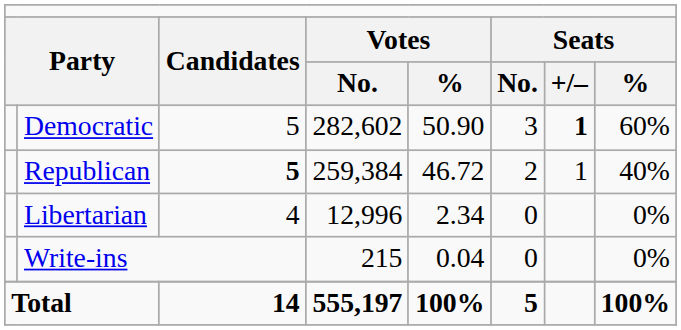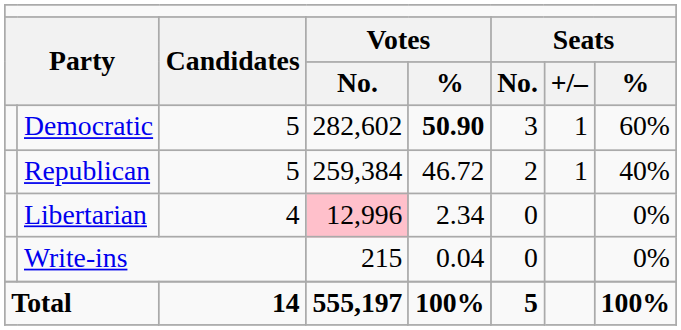 <table class="wikitable" style="font-size:100%; text-align:right;">
 <tr>
 <td colspan=15 align=center></td>
 </tr>
 <tr>
 <th colspan="2" rowspan="2">Party</th>
 <th rowspan="2">Candidates</th>
 <th colspan="2">Votes</th>
 <th colspan="3">Seats</th>
 </tr>
 <tr>
 <th>No.</th>
 <th>%</th>
 <th>No.</th>
 <th>+/–</th>
 <th>%</th>
 </tr>
 <tr>
 <td style="background:"></td>
 <td align="left"><a href='#'>Democratic</a></td>
 <td>5</td>
 <td>282,602</td>
-<td>50.90</td>
+<td><strong>50.90</strong></td>
 <td>3</td>
-<td><strong> 1</strong></td>
+<td> 1</td>
 <td>60%</td>
 </tr>
 <tr>
 <td style="background:"></td>
 <td align="left"><a href='#'>Republican</a></td>
-<td><strong>5</strong></td>
+<td>5</td>
 <td>259,384</td>
 <td>46.72</td>
 <td>2</td>
 <td> 1</td>
 <td>40%</td>
 </tr>
 <tr>
 <td style="background:"></td>
 <td align="left"><a href='#'>Libertarian</a></td>
 <td>4</td>
-<td>12,996</td>
+<td style="background: pink;">12,996</td>
 <td>2.34</td>
 <td>0</td>
 <td></td>
 <td>0%</td>
 </tr>
 <tr>
 <td style="background:"></td>
 <td colspan="2" align="left"><a href='#'>Write-ins</a></td>
 <td>215</td>
 <td>0.04</td>
 <td>0</td>
 <td></td>
 <td>0%</td>
 </tr>
 <tr>
 </tr>
 <tr style="font-weight:bold">
 <td colspan="2" align="left">Total</td>
 <td>14</td>
 <td>555,197</td>
 <td>100%</td>
 <td>5</td>
 <td></td>
 <td>100%</td>
 </tr>
 </table>
